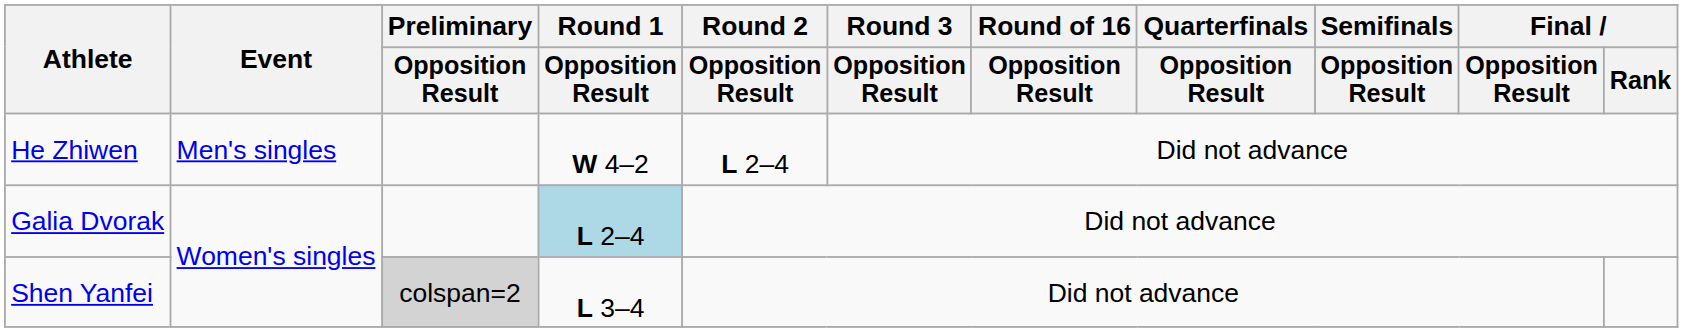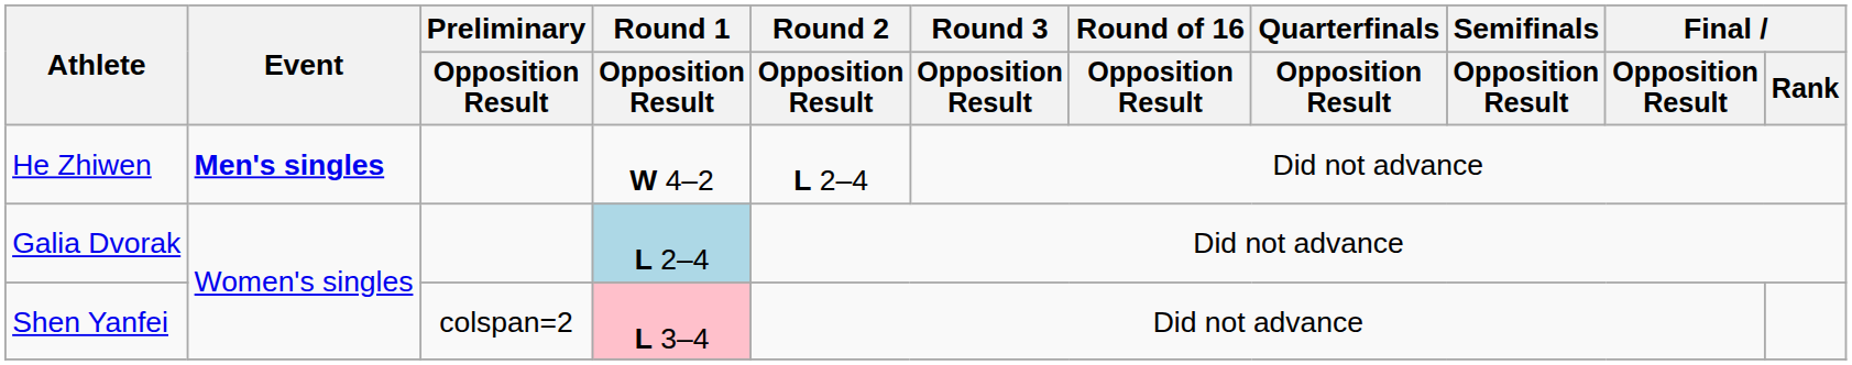 <table class="wikitable" style="font-size:90%;">
 <tr>
 <th rowspan=2>Athlete</th>
 <th rowspan=2>Event</th>
 <th>Preliminary</th>
 <th>Round 1</th>
 <th>Round 2</th>
 <th>Round 3</th>
 <th>Round of 16</th>
 <th>Quarterfinals</th>
 <th>Semifinals</th>
 <th colspan=2>Final / </th>
 </tr>
 <tr style="font-size:95%">
 <th>Opposition<br>Result</th>
 <th>Opposition<br>Result</th>
 <th>Opposition<br>Result</th>
 <th>Opposition<br>Result</th>
 <th>Opposition<br>Result</th>
 <th>Opposition<br>Result</th>
 <th>Opposition<br>Result</th>
 <th>Opposition<br>Result</th>
 <th>Rank</th>
 </tr>
 <tr align=center>
 <td align=left><a href='#'>He Zhiwen</a></td>
-<td align=left><a href='#'>Men's singles</a></td>
+<td align=left><strong><a href='#'>Men's singles</a></strong></td>
 <td></td>
 <td><br><strong>W</strong> 4–2</td>
 <td><br><strong>L</strong> 2–4</td>
 <td colspan=6>Did not advance</td>
 </tr>
 <tr align=center>
 <td align=left><a href='#'>Galia Dvorak</a></td>
 <td style="text-align:left;" rowspan="2"><a href='#'>Women's singles</a></td>
 <td></td>
 <td style="background: lightblue;"><br><strong>L</strong> 2–4</td>
 <td colspan=7>Did not advance</td>
 </tr>
 <tr align=center>
 <td align=left><a href='#'>Shen Yanfei</a></td>
-<td style="background: lightgrey;">colspan=2 </td>
-<td><br><strong>L</strong> 3–4</td>
+<td>colspan=2 </td>
+<td style="background: pink;"><br><strong>L</strong> 3–4</td>
 <td colspan=6>Did not advance</td>
 </tr>
 </table>
